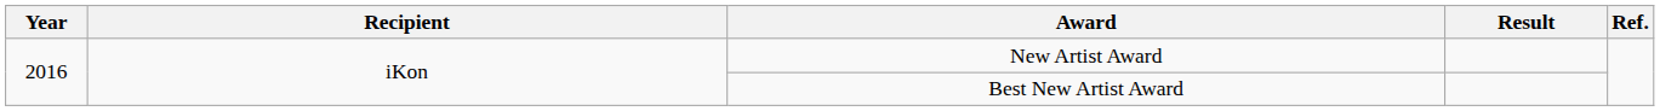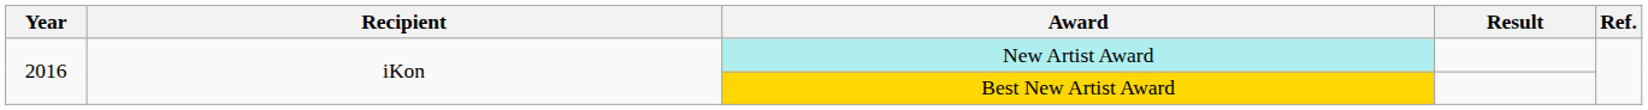 <table class="wikitable" style="text-align:center">
 <tr>
 <th width=5%>Year</th>
 <th style="width:40%;">Recipient</th>
 <th style="width:45%;">Award</th>
 <th style="width:10%;">Result</th>
 <th style="width:5%;">Ref.</th>
 </tr>
 <tr>
 <td rowspan="2">2016</td>
 <td rowspan="2">iKon</td>
-<td>New Artist Award</td>
+<td style="background: paleturquoise;">New Artist Award</td>
 <td></td>
 <td rowspan="2"></td>
 </tr>
 <tr>
-<td>Best New Artist Award</td>
+<td style="background: gold;">Best New Artist Award</td>
 <td></td>
 </tr>
 </table>
